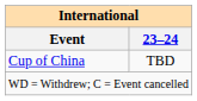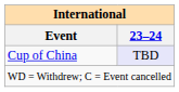 <table class="wikitable" style="text-align:center">
 <tr>
 <th style="background-color: #ffdead; " colspan=6 align=center>International</th>
 </tr>
 <tr>
 <th>Event</th>
 <th><a href='#'>23–24</a></th>
 </tr>
 <tr>
 <td align=left> <a href='#'>Cup of China</a></td>
-<td>TBD</td>
+<td style="background: lavender;">TBD</td>
 </tr>
 <tr>
 <td colspan=6 align=center><small> WD = Withdrew; C = Event cancelled </small></td>
 </tr>
 </table>
